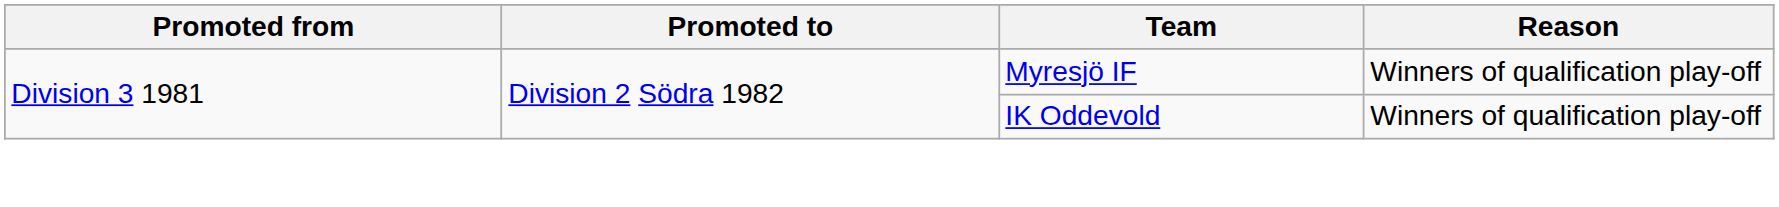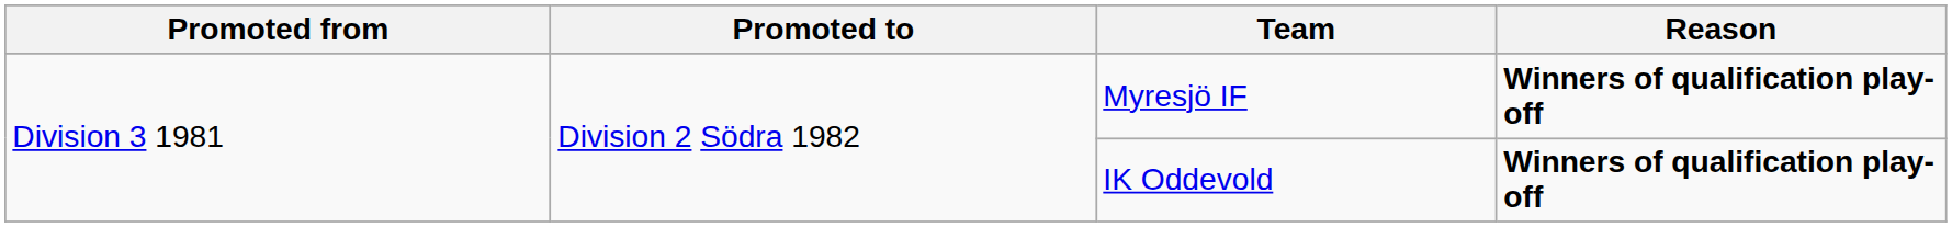 <table class="wikitable" style="text-align: left;">
 <tr>
 <th style="width: 275px;">Promoted from</th>
 <th style="width: 275px;">Promoted to</th>
 <th style="width: 200px;">Team</th>
 <th style="width: 225px;">Reason</th>
 </tr>
 <tr>
 <td rowspan=2><a href='#'>Division 3</a> 1981</td>
 <td rowspan=2><a href='#'>Division 2</a> <a href='#'>Södra</a> 1982</td>
 <td><a href='#'>Myresjö IF</a></td>
-<td>Winners of qualification play-off</td>
+<td><strong>Winners of qualification play-off</strong></td>
 </tr>
 <tr>
 <td><a href='#'>IK Oddevold</a></td>
-<td>Winners of qualification play-off</td>
+<td><strong>Winners of qualification play-off</strong></td>
 </tr>
 </table>
